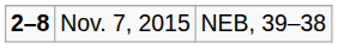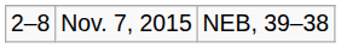 <table class="wikitable">
 <tr align="center">
 </tr>
 <tr align="center">
-<td><strong>2–8</strong></td>
+<td>2–8</td>
 <td>Nov. 7, 2015</td>
 <td>NEB, 39–38</td>
 </tr>
 </table>
